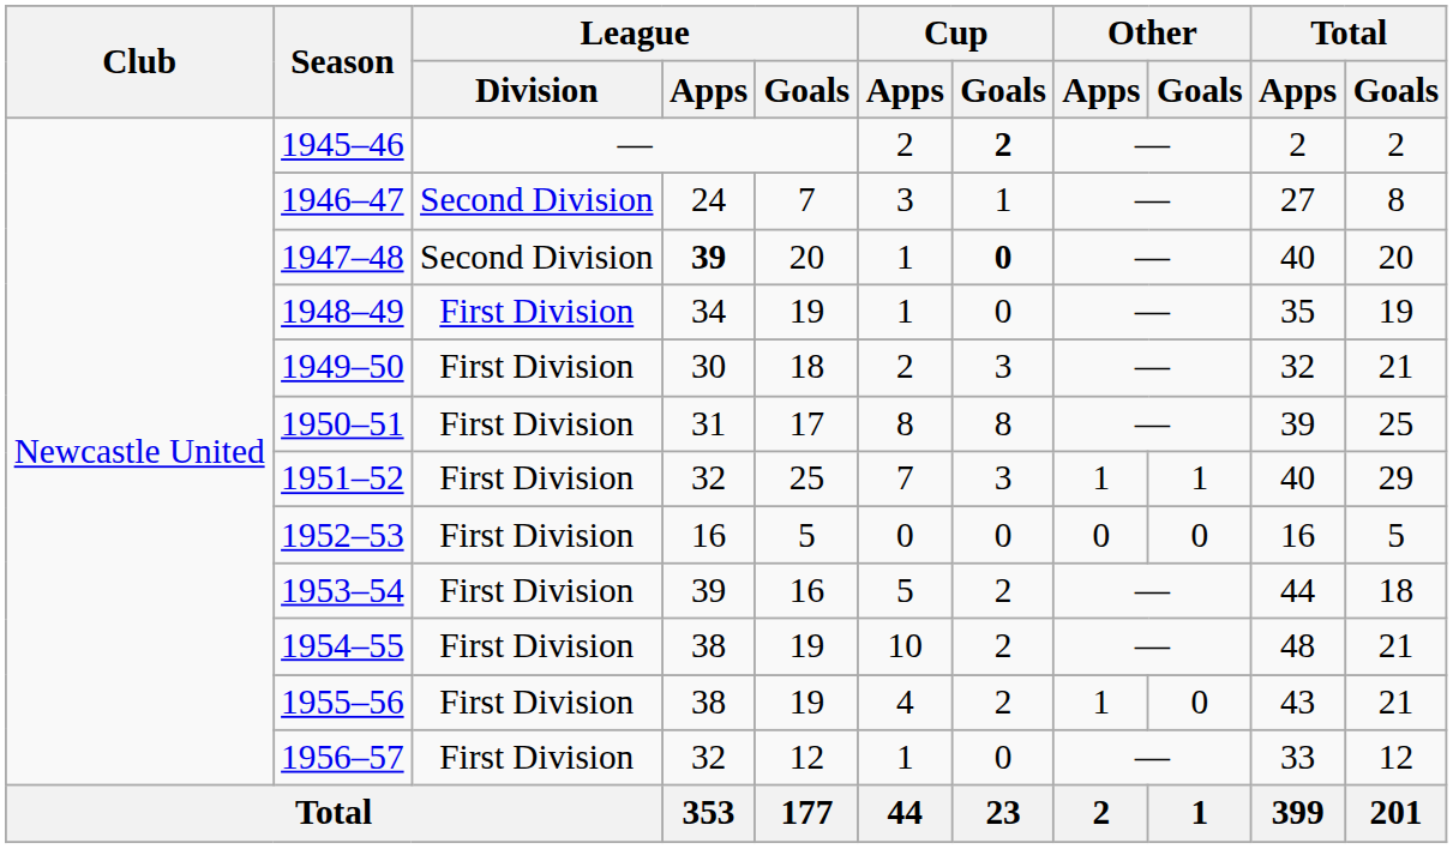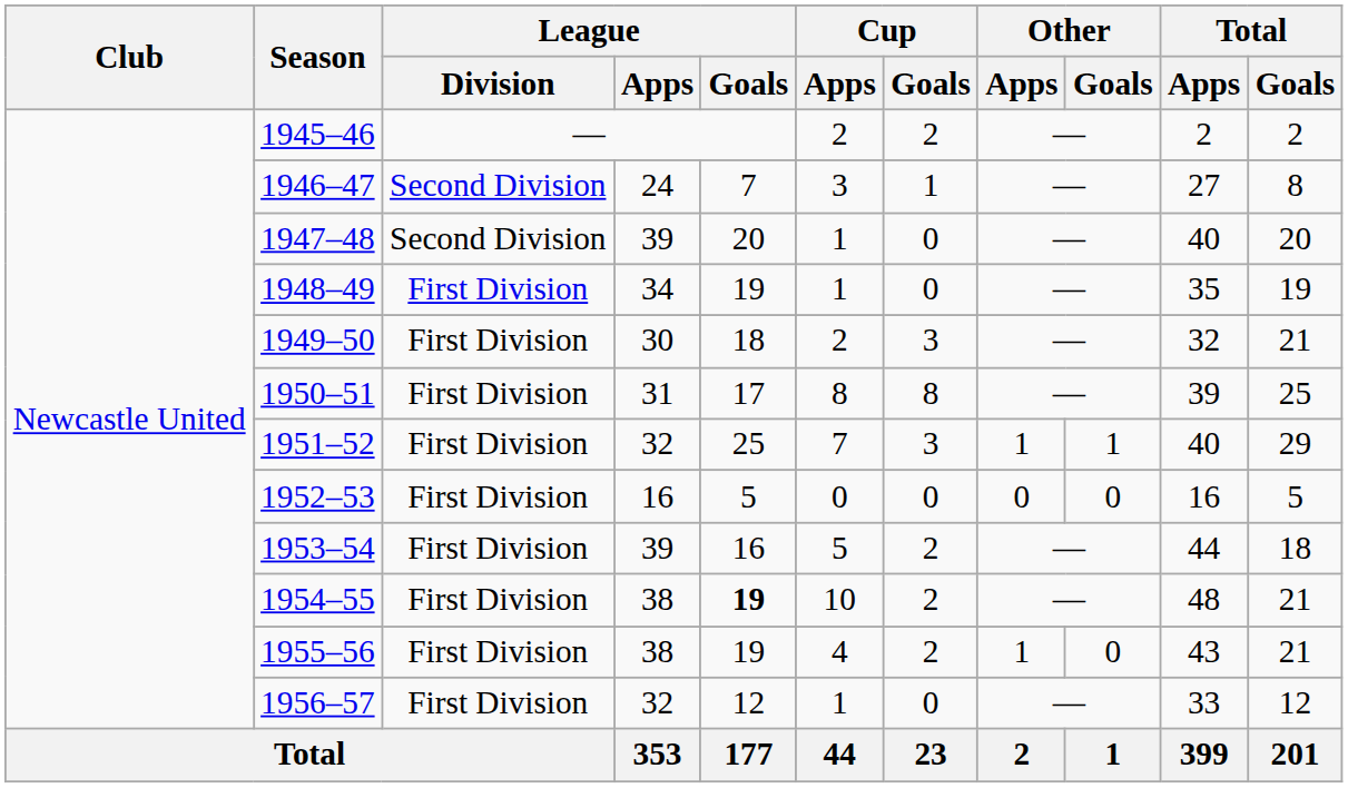 <table class="wikitable" style="text-align:center">
 <tr>
 <th rowspan="2">Club</th>
 <th rowspan="2">Season</th>
 <th colspan="3">League</th>
 <th colspan="2">Cup</th>
 <th colspan="2">Other</th>
 <th colspan="2">Total</th>
 </tr>
 <tr>
 <th>Division</th>
 <th>Apps</th>
 <th>Goals</th>
 <th>Apps</th>
 <th>Goals</th>
 <th>Apps</th>
 <th>Goals</th>
 <th>Apps</th>
 <th>Goals</th>
 </tr>
 <tr>
 <td rowspan="12"><a href='#'>Newcastle United</a></td>
 <td><a href='#'>1945–46</a></td>
 <td colspan="3">—</td>
 <td>2</td>
-<td><strong>2</strong></td>
+<td>2</td>
 <td colspan="2">—</td>
 <td>2</td>
 <td>2</td>
 </tr>
 <tr>
 <td><a href='#'>1946–47</a></td>
 <td><a href='#'>Second Division</a></td>
 <td>24</td>
 <td>7</td>
 <td>3</td>
 <td>1</td>
 <td colspan="2">—</td>
 <td>27</td>
 <td>8</td>
 </tr>
 <tr>
 <td><a href='#'>1947–48</a></td>
 <td>Second Division</td>
-<td><strong>39</strong></td>
+<td>39</td>
 <td>20</td>
 <td>1</td>
-<td><strong>0</strong></td>
+<td>0</td>
 <td colspan="2">—</td>
 <td>40</td>
 <td>20</td>
 </tr>
 <tr>
 <td><a href='#'>1948–49</a></td>
 <td><a href='#'>First Division</a></td>
 <td>34</td>
 <td>19</td>
 <td>1</td>
 <td>0</td>
 <td colspan="2">—</td>
 <td>35</td>
 <td>19</td>
 </tr>
 <tr>
 <td><a href='#'>1949–50</a></td>
 <td>First Division</td>
 <td>30</td>
 <td>18</td>
 <td>2</td>
 <td>3</td>
 <td colspan="2">—</td>
 <td>32</td>
 <td>21</td>
 </tr>
 <tr>
 <td><a href='#'>1950–51</a></td>
 <td>First Division</td>
 <td>31</td>
 <td>17</td>
 <td>8</td>
 <td>8</td>
 <td colspan="2">—</td>
 <td>39</td>
 <td>25</td>
 </tr>
 <tr>
 <td><a href='#'>1951–52</a></td>
 <td>First Division</td>
 <td>32</td>
 <td>25</td>
 <td>7</td>
 <td>3</td>
 <td>1</td>
 <td>1</td>
 <td>40</td>
 <td>29</td>
 </tr>
 <tr>
 <td><a href='#'>1952–53</a></td>
 <td>First Division</td>
 <td>16</td>
 <td>5</td>
 <td>0</td>
 <td>0</td>
 <td>0</td>
 <td>0</td>
 <td>16</td>
 <td>5</td>
 </tr>
 <tr>
 <td><a href='#'>1953–54</a></td>
 <td>First Division</td>
 <td>39</td>
 <td>16</td>
 <td>5</td>
 <td>2</td>
 <td colspan="2">—</td>
 <td>44</td>
 <td>18</td>
 </tr>
 <tr>
 <td><a href='#'>1954–55</a></td>
 <td>First Division</td>
 <td>38</td>
-<td>19</td>
+<td><strong>19</strong></td>
 <td>10</td>
 <td>2</td>
 <td colspan="2">—</td>
 <td>48</td>
 <td>21</td>
 </tr>
 <tr>
 <td><a href='#'>1955–56</a></td>
 <td>First Division</td>
 <td>38</td>
 <td>19</td>
 <td>4</td>
 <td>2</td>
 <td>1</td>
 <td>0</td>
 <td>43</td>
 <td>21</td>
 </tr>
 <tr>
 <td><a href='#'>1956–57</a></td>
 <td>First Division</td>
 <td>32</td>
 <td>12</td>
 <td>1</td>
 <td>0</td>
 <td colspan="2">—</td>
 <td>33</td>
 <td>12</td>
 </tr>
 <tr>
 <th colspan="3">Total</th>
 <th>353</th>
 <th>177</th>
 <th>44</th>
 <th>23</th>
 <th>2</th>
 <th>1</th>
 <th>399</th>
 <th>201</th>
 </tr>
 </table>
